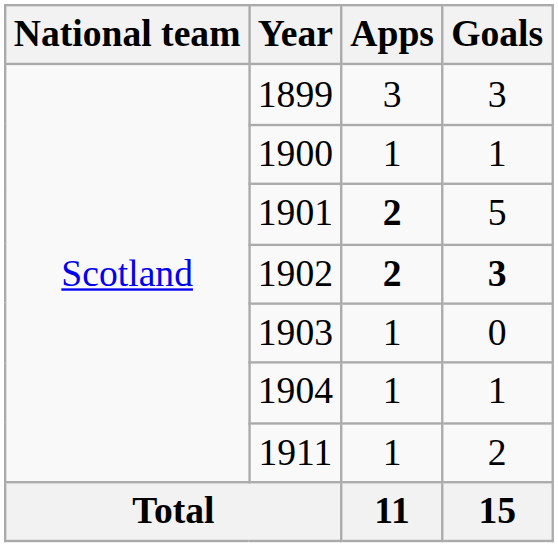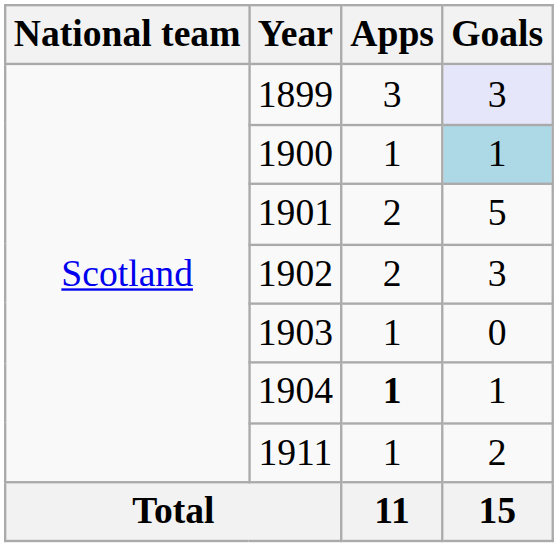 <table class="wikitable" style="text-align:center">
 <tr>
 <th>National team</th>
 <th>Year</th>
 <th>Apps</th>
 <th>Goals</th>
 </tr>
 <tr>
 <td rowspan="7"><a href='#'>Scotland</a></td>
 <td>1899</td>
 <td>3</td>
-<td>3</td>
+<td style="background: lavender;">3</td>
 </tr>
 <tr>
 <td>1900</td>
 <td>1</td>
-<td>1</td>
+<td style="background: lightblue;">1</td>
 </tr>
 <tr>
 <td>1901</td>
-<td><strong>2</strong></td>
+<td>2</td>
 <td>5</td>
 </tr>
 <tr>
 <td>1902</td>
-<td><strong>2</strong></td>
-<td><strong>3</strong></td>
+<td>2</td>
+<td>3</td>
 </tr>
 <tr>
 <td>1903</td>
 <td>1</td>
 <td>0</td>
 </tr>
 <tr>
 <td>1904</td>
-<td>1</td>
+<td><strong>1</strong></td>
 <td>1</td>
 </tr>
 <tr>
 <td>1911</td>
 <td>1</td>
 <td>2</td>
 </tr>
 <tr>
 <th colspan="2">Total</th>
 <th>11</th>
 <th>15</th>
 </tr>
 </table>
